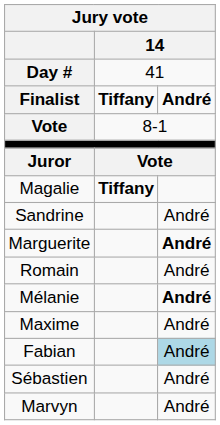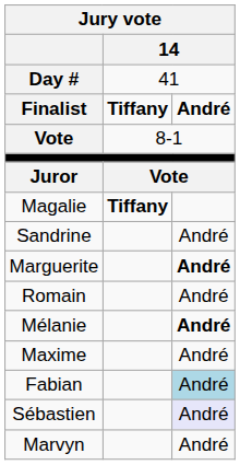 <table class="wikitable" style="text-align:center">
 <tr>
 <th colspan=3>Jury vote</th>
 </tr>
 <tr>
 <th></th>
 <th colspan="2">14</th>
 </tr>
 <tr>
 <th>Day #</th>
 <td colspan="2">41</td>
 </tr>
 <tr>
 <th>Finalist</th>
 <td><strong>Tiffany</strong></td>
 <td><strong>André</strong></td>
 </tr>
 <tr>
 <th>Vote</th>
 <td colspan=2>8-1</td>
 </tr>
 <tr>
 <td colspan=13 bgcolor=black></td>
 </tr>
 <tr>
 <th>Juror</th>
 <th colspan=2>Vote</th>
 </tr>
 <tr>
 <td>Magalie</td>
 <td><strong>Tiffany</strong></td>
 <td></td>
 </tr>
 <tr>
 <td>Sandrine</td>
 <td></td>
 <td>André</td>
 </tr>
 <tr>
 <td>Marguerite</td>
 <td></td>
 <td><strong>André</strong></td>
 </tr>
 <tr>
 <td>Romain</td>
 <td></td>
 <td>André</td>
 </tr>
 <tr>
 <td>Mélanie</td>
 <td></td>
 <td><strong>André</strong></td>
 </tr>
 <tr>
 <td>Maxime</td>
 <td></td>
 <td>André</td>
 </tr>
 <tr>
 <td>Fabian</td>
 <td></td>
 <td style="background: lightblue;">André</td>
 </tr>
 <tr>
 <td>Sébastien</td>
 <td></td>
-<td>André</td>
+<td style="background: lavender;">André</td>
 </tr>
 <tr>
 <td>Marvyn</td>
 <td></td>
 <td>André</td>
 </tr>
 </table>
